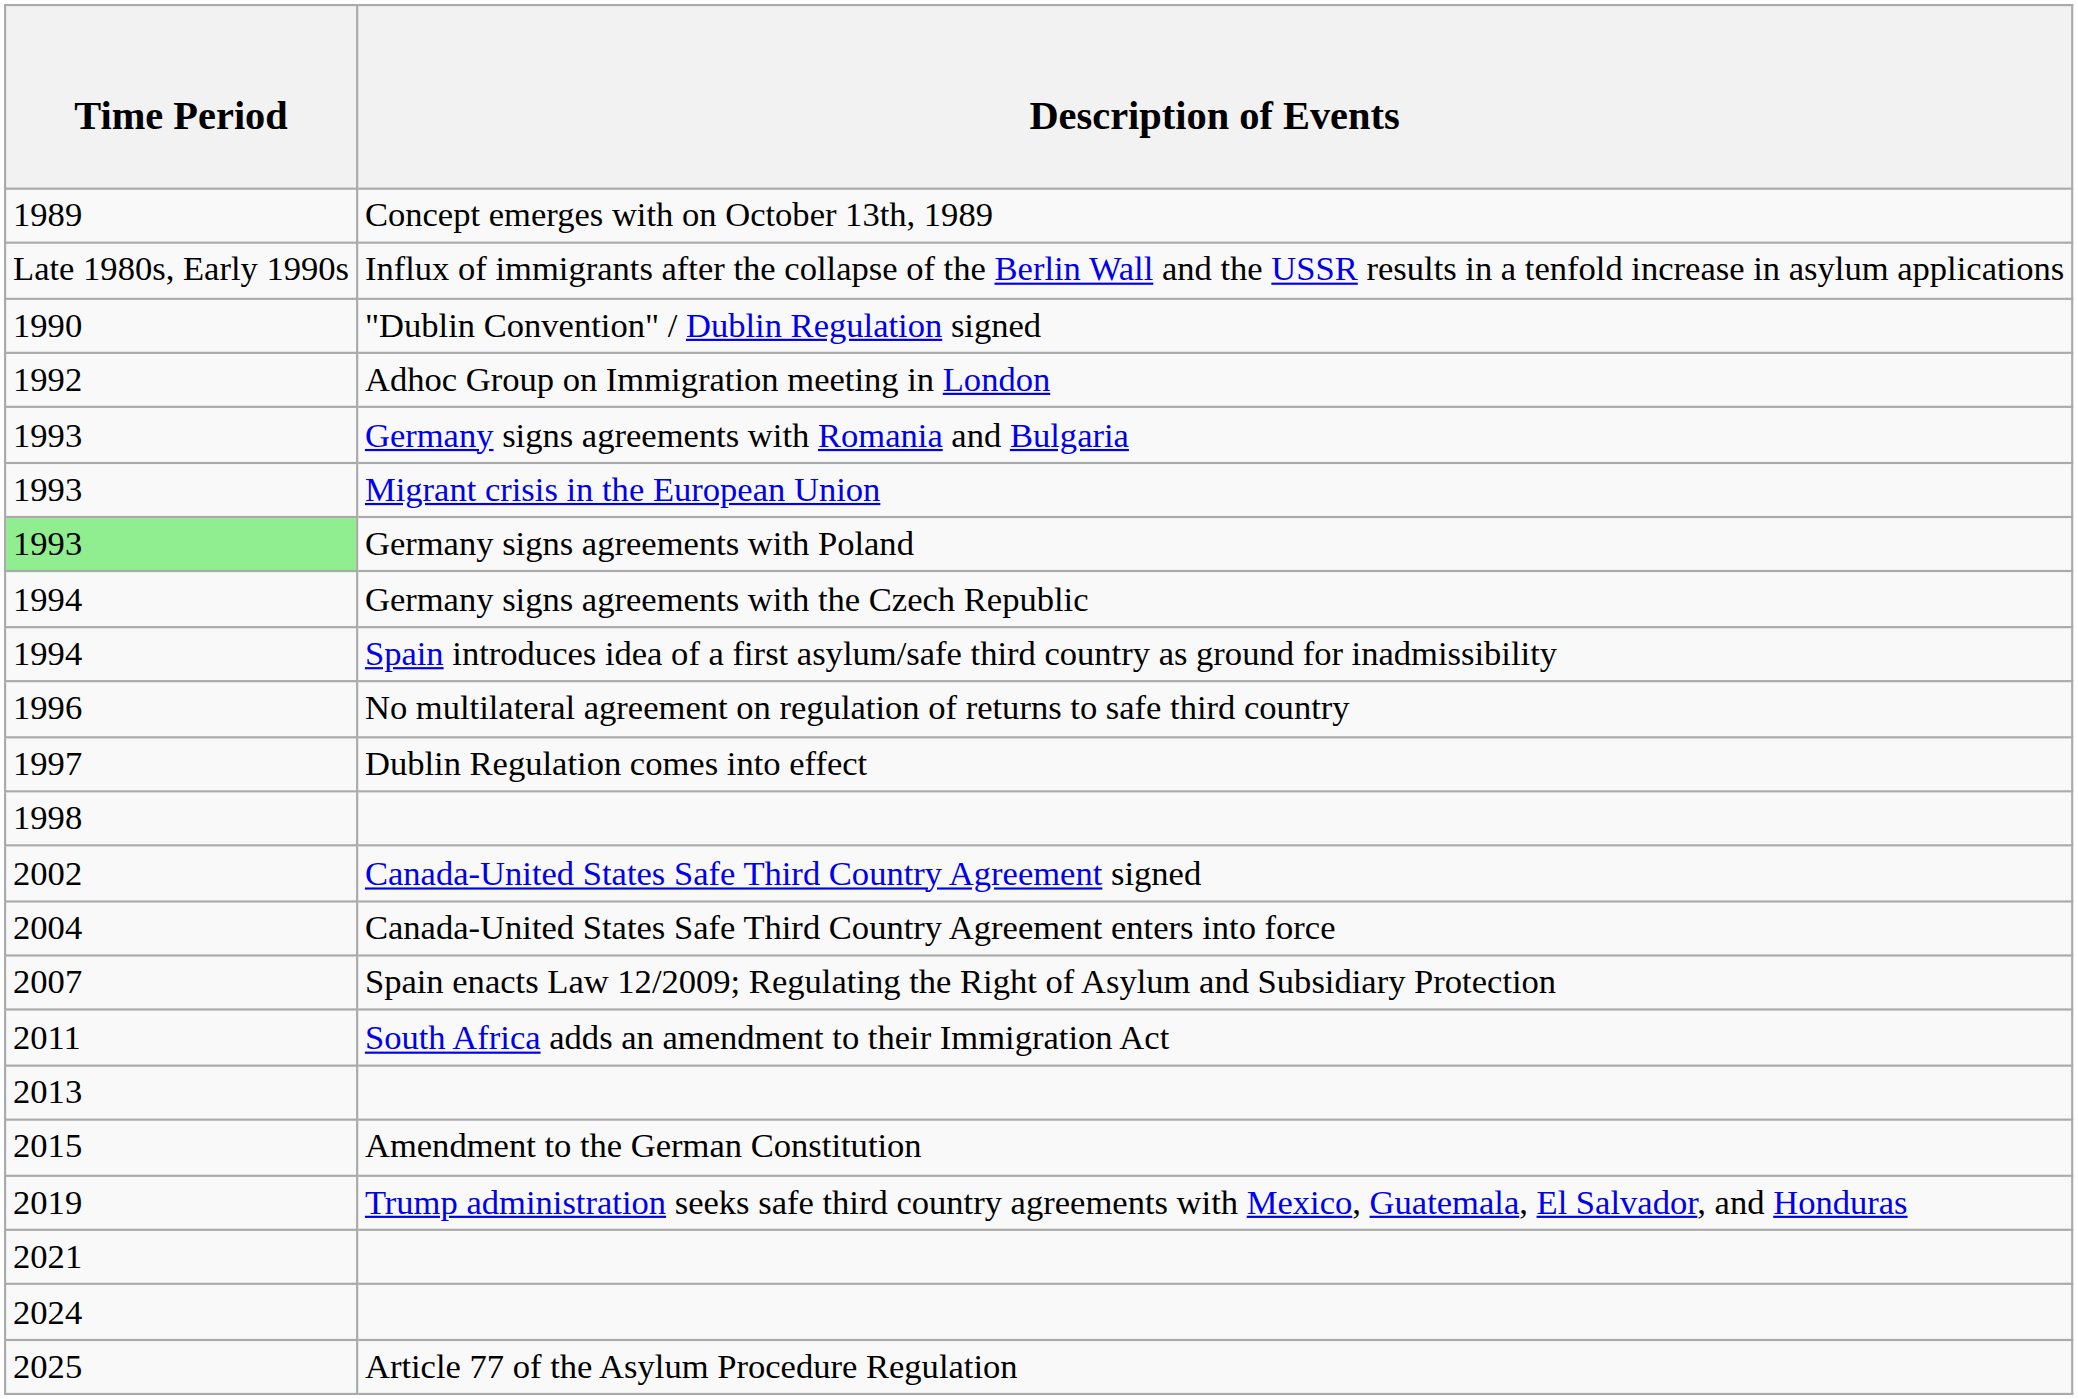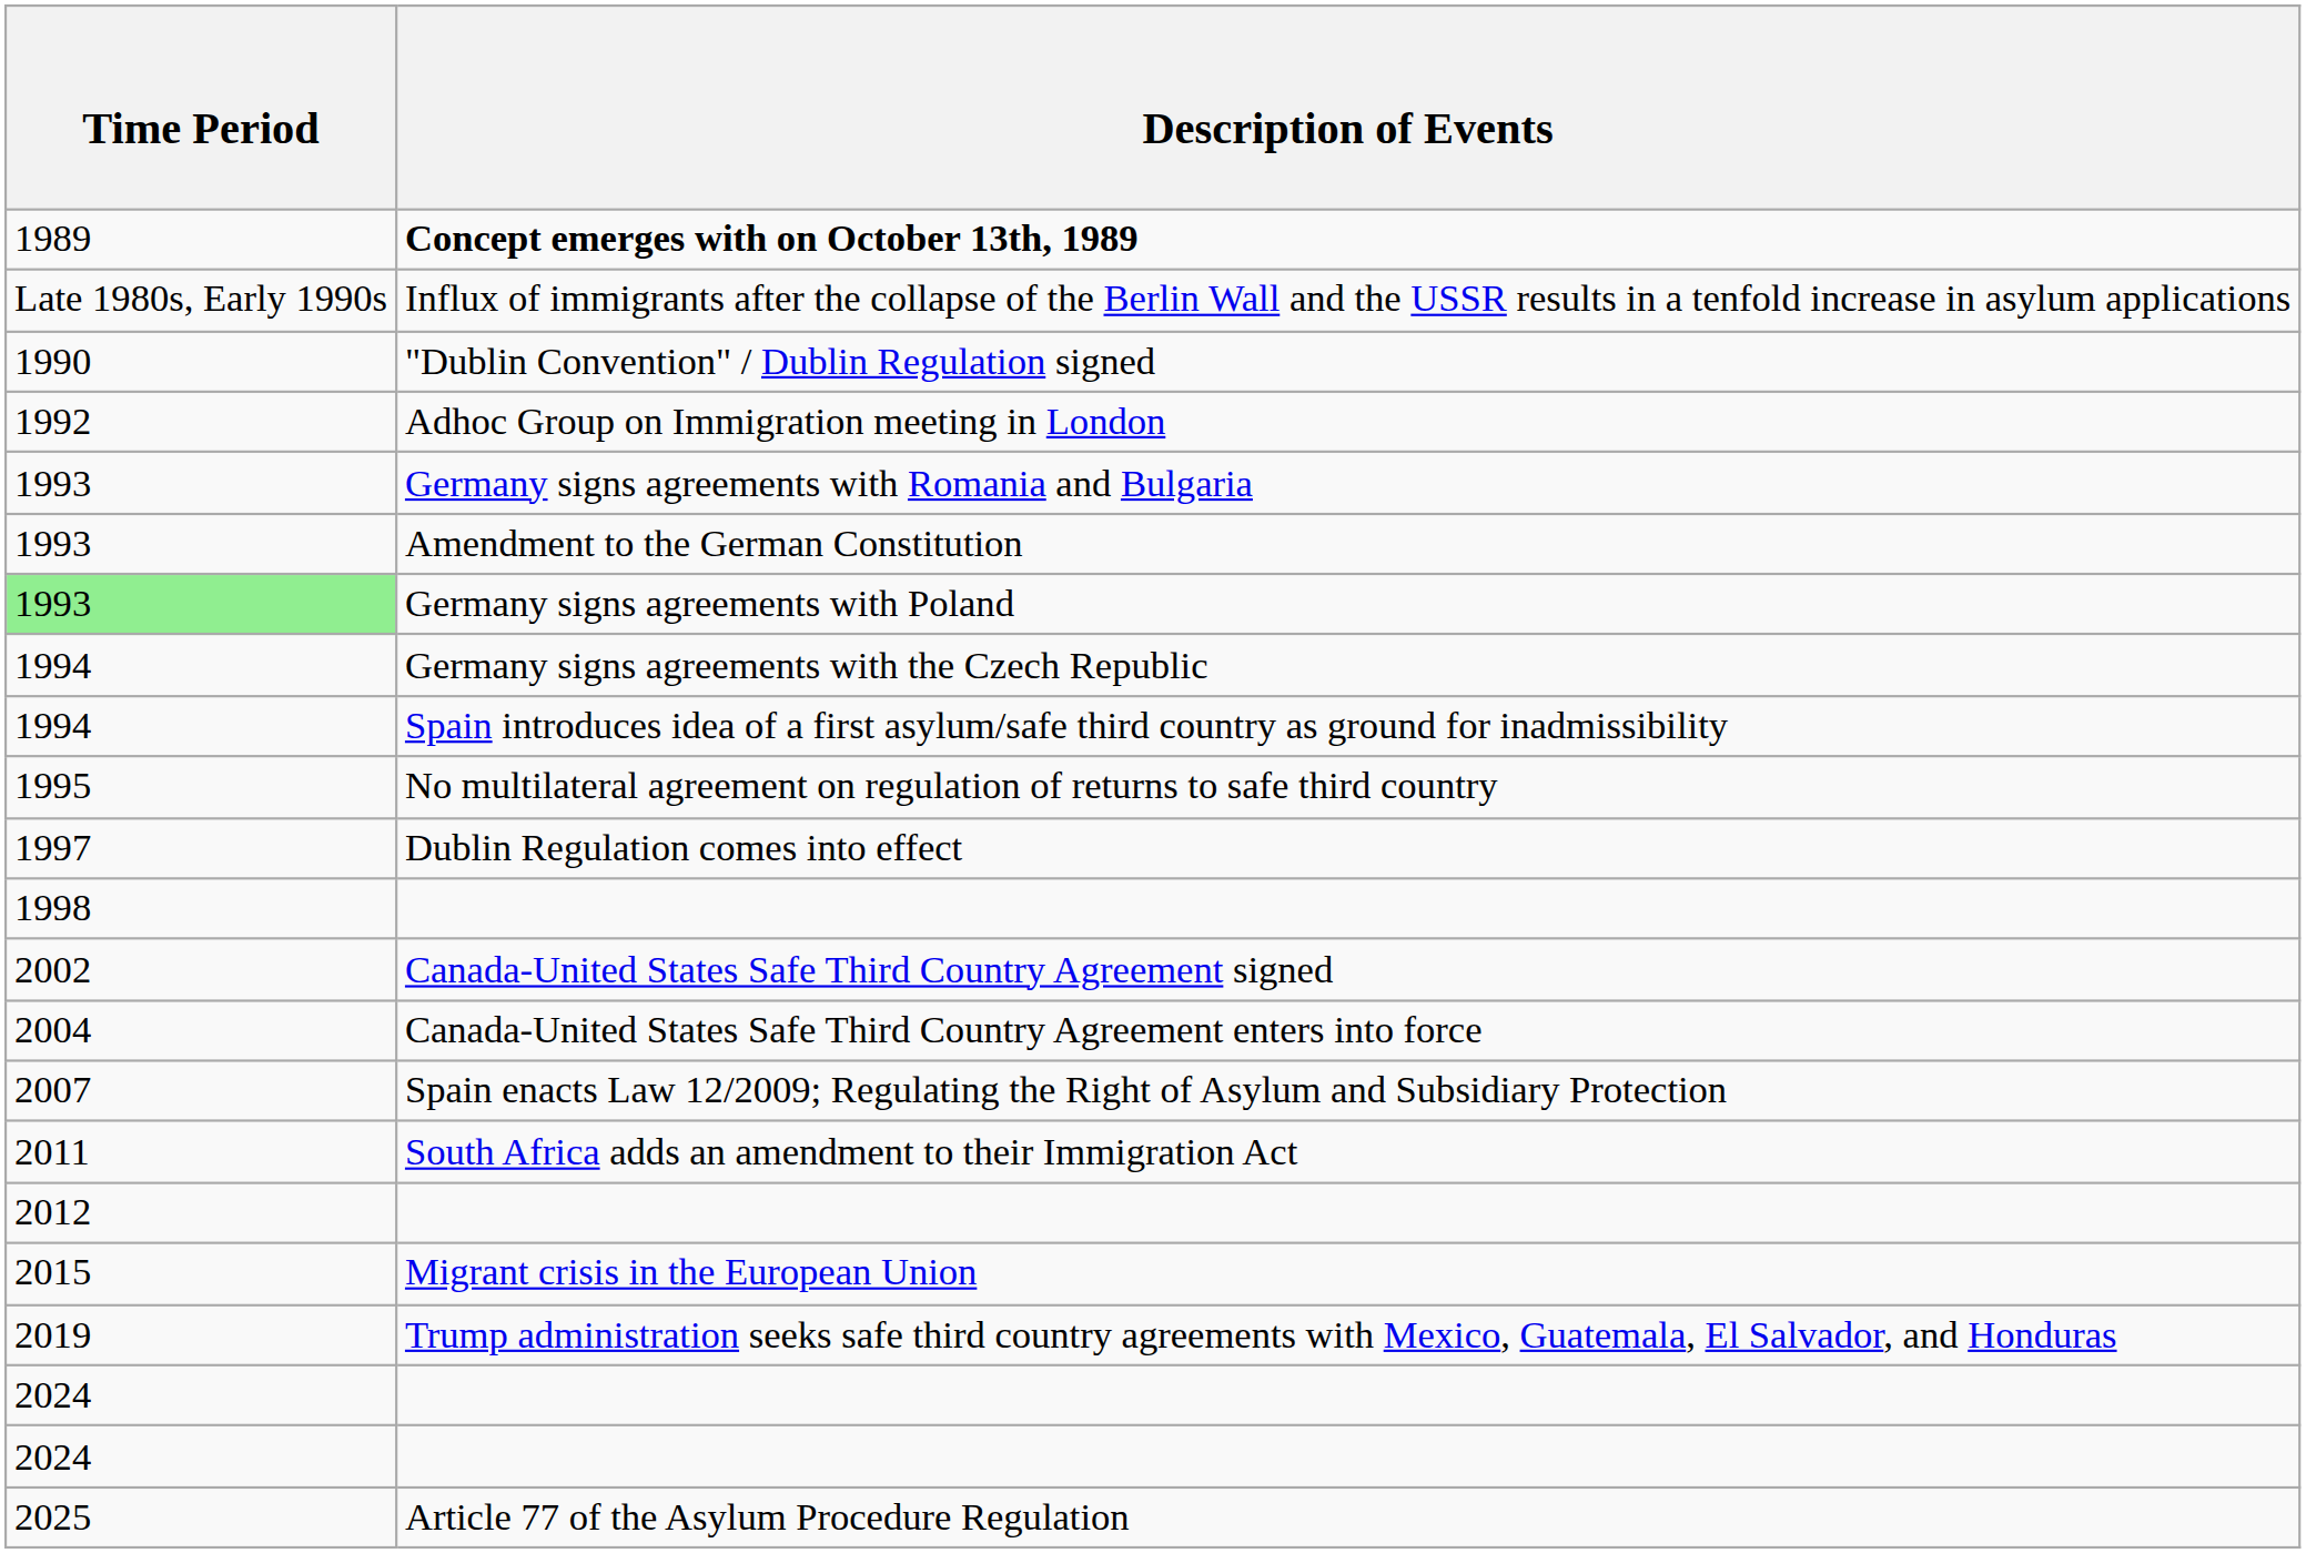 <table class="wikitable">
 <tr>
 <th><br><h3>Time Period</h3></th>
 <th><br><h3>Description of Events</h3></th>
 </tr>
 <tr>
 <td>1989</td>
-<td>Concept emerges with  on October 13th, 1989</td>
+<td><strong>Concept emerges with  on October 13th, 1989</strong></td>
 </tr>
 <tr>
 <td>Late 1980s, Early 1990s</td>
 <td>Influx of immigrants after the collapse of the <a href='#'>Berlin Wall</a> and the <a href='#'>USSR</a> results in a tenfold increase in asylum applications</td>
 </tr>
 <tr>
 <td>1990</td>
 <td>"Dublin Convention" / <a href='#'>Dublin Regulation</a> signed</td>
 </tr>
 <tr>
 <td>1992</td>
 <td>Adhoc Group on Immigration meeting in <a href='#'>London</a></td>
 </tr>
 <tr>
 <td>1993</td>
 <td><a href='#'>Germany</a> signs agreements with <a href='#'>Romania</a> and <a href='#'>Bulgaria</a></td>
 </tr>
 <tr>
 <td>1993</td>
-<td><a href='#'>Migrant crisis in the European Union</a></td>
+<td>Amendment to the German Constitution</td>
 </tr>
 <tr>
 <td style="background: lightgreen;">1993</td>
 <td>Germany signs agreements with Poland</td>
 </tr>
 <tr>
 <td>1994</td>
 <td>Germany signs agreements with the Czech Republic</td>
 </tr>
 <tr>
 <td>1994</td>
 <td><a href='#'>Spain</a> introduces idea of a first asylum/safe third country as ground for inadmissibility</td>
 </tr>
 <tr>
-<td>1996</td>
+<td>1995</td>
 <td>No multilateral agreement on regulation of returns to safe third country</td>
 </tr>
 <tr>
 <td>1997</td>
 <td>Dublin Regulation comes into effect</td>
 </tr>
 <tr>
 <td>1998</td>
 <td></td>
 </tr>
 <tr>
 <td>2002</td>
 <td><a href='#'>Canada-United States Safe Third Country Agreement</a> signed</td>
 </tr>
 <tr>
 <td>2004</td>
 <td>Canada-United States Safe Third Country Agreement enters into force</td>
 </tr>
 <tr>
 <td>2007</td>
 <td>Spain enacts Law 12/2009; Regulating the Right of Asylum and Subsidiary Protection</td>
 </tr>
 <tr>
 <td>2011</td>
 <td><a href='#'>South Africa</a> adds an amendment to their Immigration Act</td>
 </tr>
 <tr>
-<td>2013</td>
+<td>2012</td>
 <td></td>
 </tr>
 <tr>
 <td>2015</td>
-<td>Amendment to the German Constitution</td>
+<td><a href='#'>Migrant crisis in the European Union</a></td>
 </tr>
 <tr>
 <td>2019</td>
 <td><a href='#'>Trump administration</a> seeks safe third country agreements with <a href='#'>Mexico</a>, <a href='#'>Guatemala</a>, <a href='#'>El Salvador</a>, and <a href='#'>Honduras</a></td>
 </tr>
 <tr>
-<td>2021</td>
+<td>2024</td>
 <td></td>
 </tr>
 <tr>
 <td>2024</td>
 <td></td>
 </tr>
 <tr>
 <td>2025</td>
 <td>Article 77 of the Asylum Procedure Regulation</td>
 </tr>
 </table>
